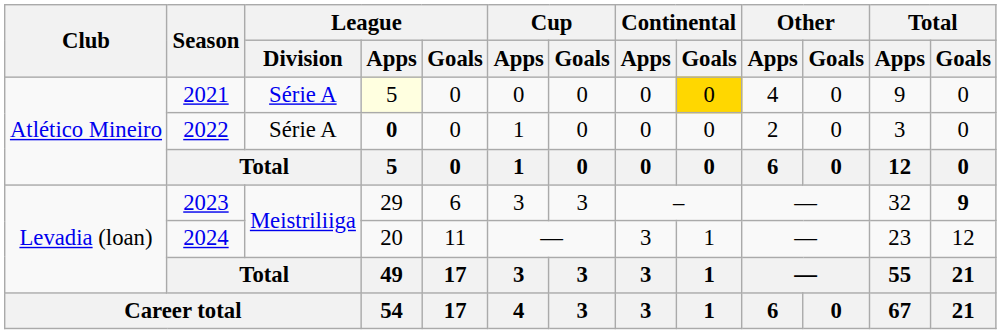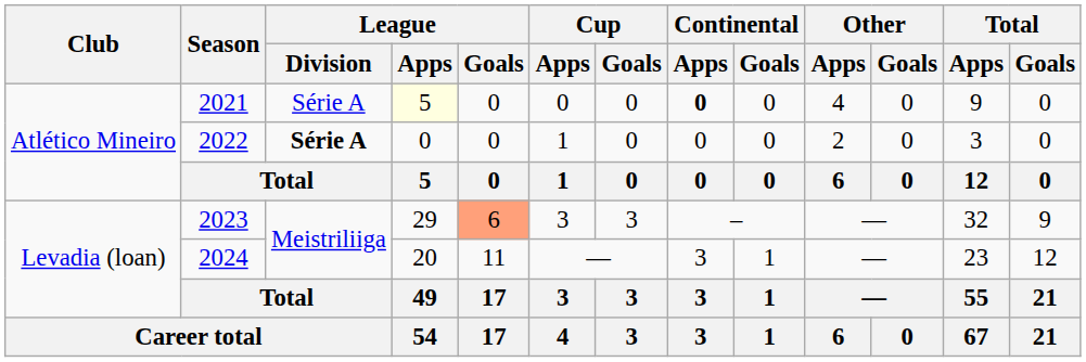 <table class="wikitable" style="text-align: center;">
 <tr>
 <th rowspan="2">Club</th>
 <th rowspan="2">Season</th>
 <th colspan="3">League</th>
 <th colspan="2">Cup</th>
 <th colspan="2">Continental</th>
 <th colspan="2">Other</th>
 <th colspan="2">Total</th>
 </tr>
 <tr>
 <th>Division</th>
 <th>Apps</th>
 <th>Goals</th>
 <th>Apps</th>
 <th>Goals</th>
 <th>Apps</th>
 <th>Goals</th>
 <th>Apps</th>
 <th>Goals</th>
 <th>Apps</th>
 <th>Goals</th>
 </tr>
 <tr>
 <td rowspan=3 valign="center"><a href='#'>Atlético Mineiro</a></td>
 <td><a href='#'>2021</a></td>
 <td><a href='#'>Série A</a></td>
 <td style="background: lightyellow;">5</td>
 <td>0</td>
 <td>0</td>
 <td>0</td>
+<td><strong>0</strong></td>
 <td>0</td>
-<td style="background: gold;">0</td>
 <td>4</td>
 <td>0</td>
 <td>9</td>
 <td>0</td>
 </tr>
 <tr>
 <td><a href='#'>2022</a></td>
-<td>Série A</td>
-<td><strong>0</strong></td>
+<td><strong>Série A</strong></td>
+<td>0</td>
 <td>0</td>
 <td>1</td>
 <td>0</td>
 <td>0</td>
 <td>0</td>
 <td>2</td>
 <td>0</td>
 <td>3</td>
 <td>0</td>
 </tr>
 <tr>
 <th colspan="2"><strong>Total</strong></th>
 <th>5</th>
 <th>0</th>
 <th>1</th>
 <th>0</th>
 <th>0</th>
 <th>0</th>
 <th>6</th>
 <th>0</th>
 <th>12</th>
 <th>0</th>
 </tr>
 <tr>
 <td rowspan=3 valign="center"><a href='#'>Levadia</a> (loan)</td>
 <td><a href='#'>2023</a></td>
 <td rowspan=2><a href='#'>Meistriliiga</a></td>
 <td>29</td>
-<td>6</td>
+<td style="background: lightsalmon;">6</td>
 <td>3</td>
 <td>3</td>
 <td colspan="2">–</td>
 <td colspan="2">—</td>
 <td>32</td>
-<td><strong>9</strong></td>
+<td>9</td>
 </tr>
 <tr>
 <td><a href='#'>2024</a></td>
 <td>20</td>
 <td>11</td>
 <td colspan="2">—</td>
 <td>3</td>
 <td>1</td>
 <td colspan="2">—</td>
 <td>23</td>
 <td>12</td>
 </tr>
 <tr>
 <th colspan="2"><strong>Total</strong></th>
 <th>49</th>
 <th>17</th>
 <th>3</th>
 <th>3</th>
 <th>3</th>
 <th>1</th>
 <th colspan="2">—</th>
 <th>55</th>
 <th>21</th>
 </tr>
 <tr>
 <th colspan="3"><strong>Career total</strong></th>
 <th>54</th>
 <th>17</th>
 <th>4</th>
 <th>3</th>
 <th>3</th>
 <th>1</th>
 <th>6</th>
 <th>0</th>
 <th>67</th>
 <th>21</th>
 </tr>
 </table>
